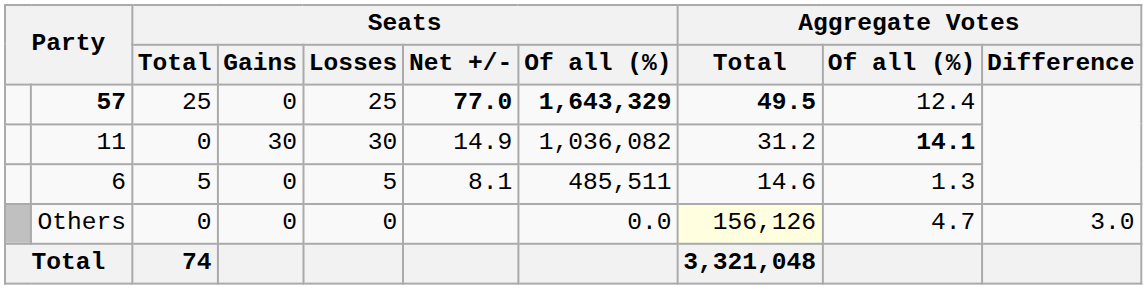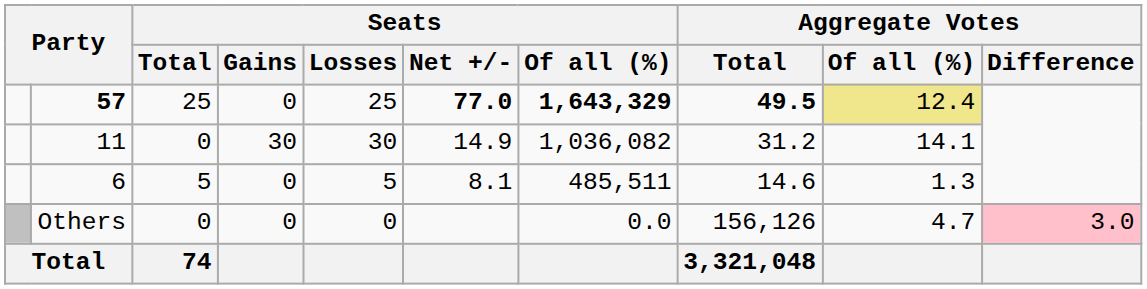 <table class="wikitable sortable" style="text-align:right; font-size:95%;">
 <tr>
 <th colspan="2" rowspan="2">Party</th>
 <th colspan="5">Seats</th>
 <th colspan="3">Aggregate Votes</th>
 </tr>
 <tr>
 <th>Total</th>
 <th>Gains</th>
 <th>Losses</th>
 <th>Net +/-</th>
 <th>Of all (%)</th>
 <th>Total</th>
 <th>Of all (%)</th>
 <th>Difference</th>
 </tr>
 <tr>
 <td></td>
 <td><strong>57</strong></td>
 <td>25</td>
 <td>0</td>
 <td>25</td>
 <td><strong>77.0</strong></td>
 <td><strong>1,643,329</strong></td>
 <td><strong>49.5</strong></td>
-<td>12.4</td>
+<td style="background: khaki;">12.4</td>
 </tr>
 <tr>
 <td></td>
 <td>11</td>
 <td>0</td>
 <td>30</td>
 <td>30</td>
 <td>14.9</td>
 <td>1,036,082</td>
 <td>31.2</td>
-<td><strong>14.1</strong></td>
+<td>14.1</td>
 </tr>
 <tr>
 <td></td>
 <td>6</td>
 <td>5</td>
 <td>0</td>
 <td>5</td>
 <td>8.1</td>
 <td>485,511</td>
 <td>14.6</td>
 <td>1.3</td>
 </tr>
 <tr>
 <td style="background:silver;"> </td>
 <td align=left>Others</td>
 <td>0</td>
 <td>0</td>
 <td>0</td>
 <td></td>
 <td>0.0</td>
-<td style="background: lightyellow;">156,126</td>
+<td>156,126</td>
 <td>4.7</td>
-<td>3.0</td>
+<td style="background: pink;">3.0</td>
 </tr>
 <tr class="sortbottom">
 <th colspan="2" style="background:#f2f2f2"><strong>Total</strong></th>
 <td style="background:#f2f2f2;"><strong>74</strong></td>
 <td style="background:#f2f2f2;"></td>
 <td style="background:#f2f2f2;"></td>
 <td style="background:#f2f2f2;"></td>
 <td style="background:#f2f2f2;"></td>
 <td style="background:#f2f2f2;"><strong>3,321,048</strong></td>
 <td style="background:#f2f2f2;"></td>
 <td style="background:#f2f2f2;"></td>
 </tr>
 </table>
